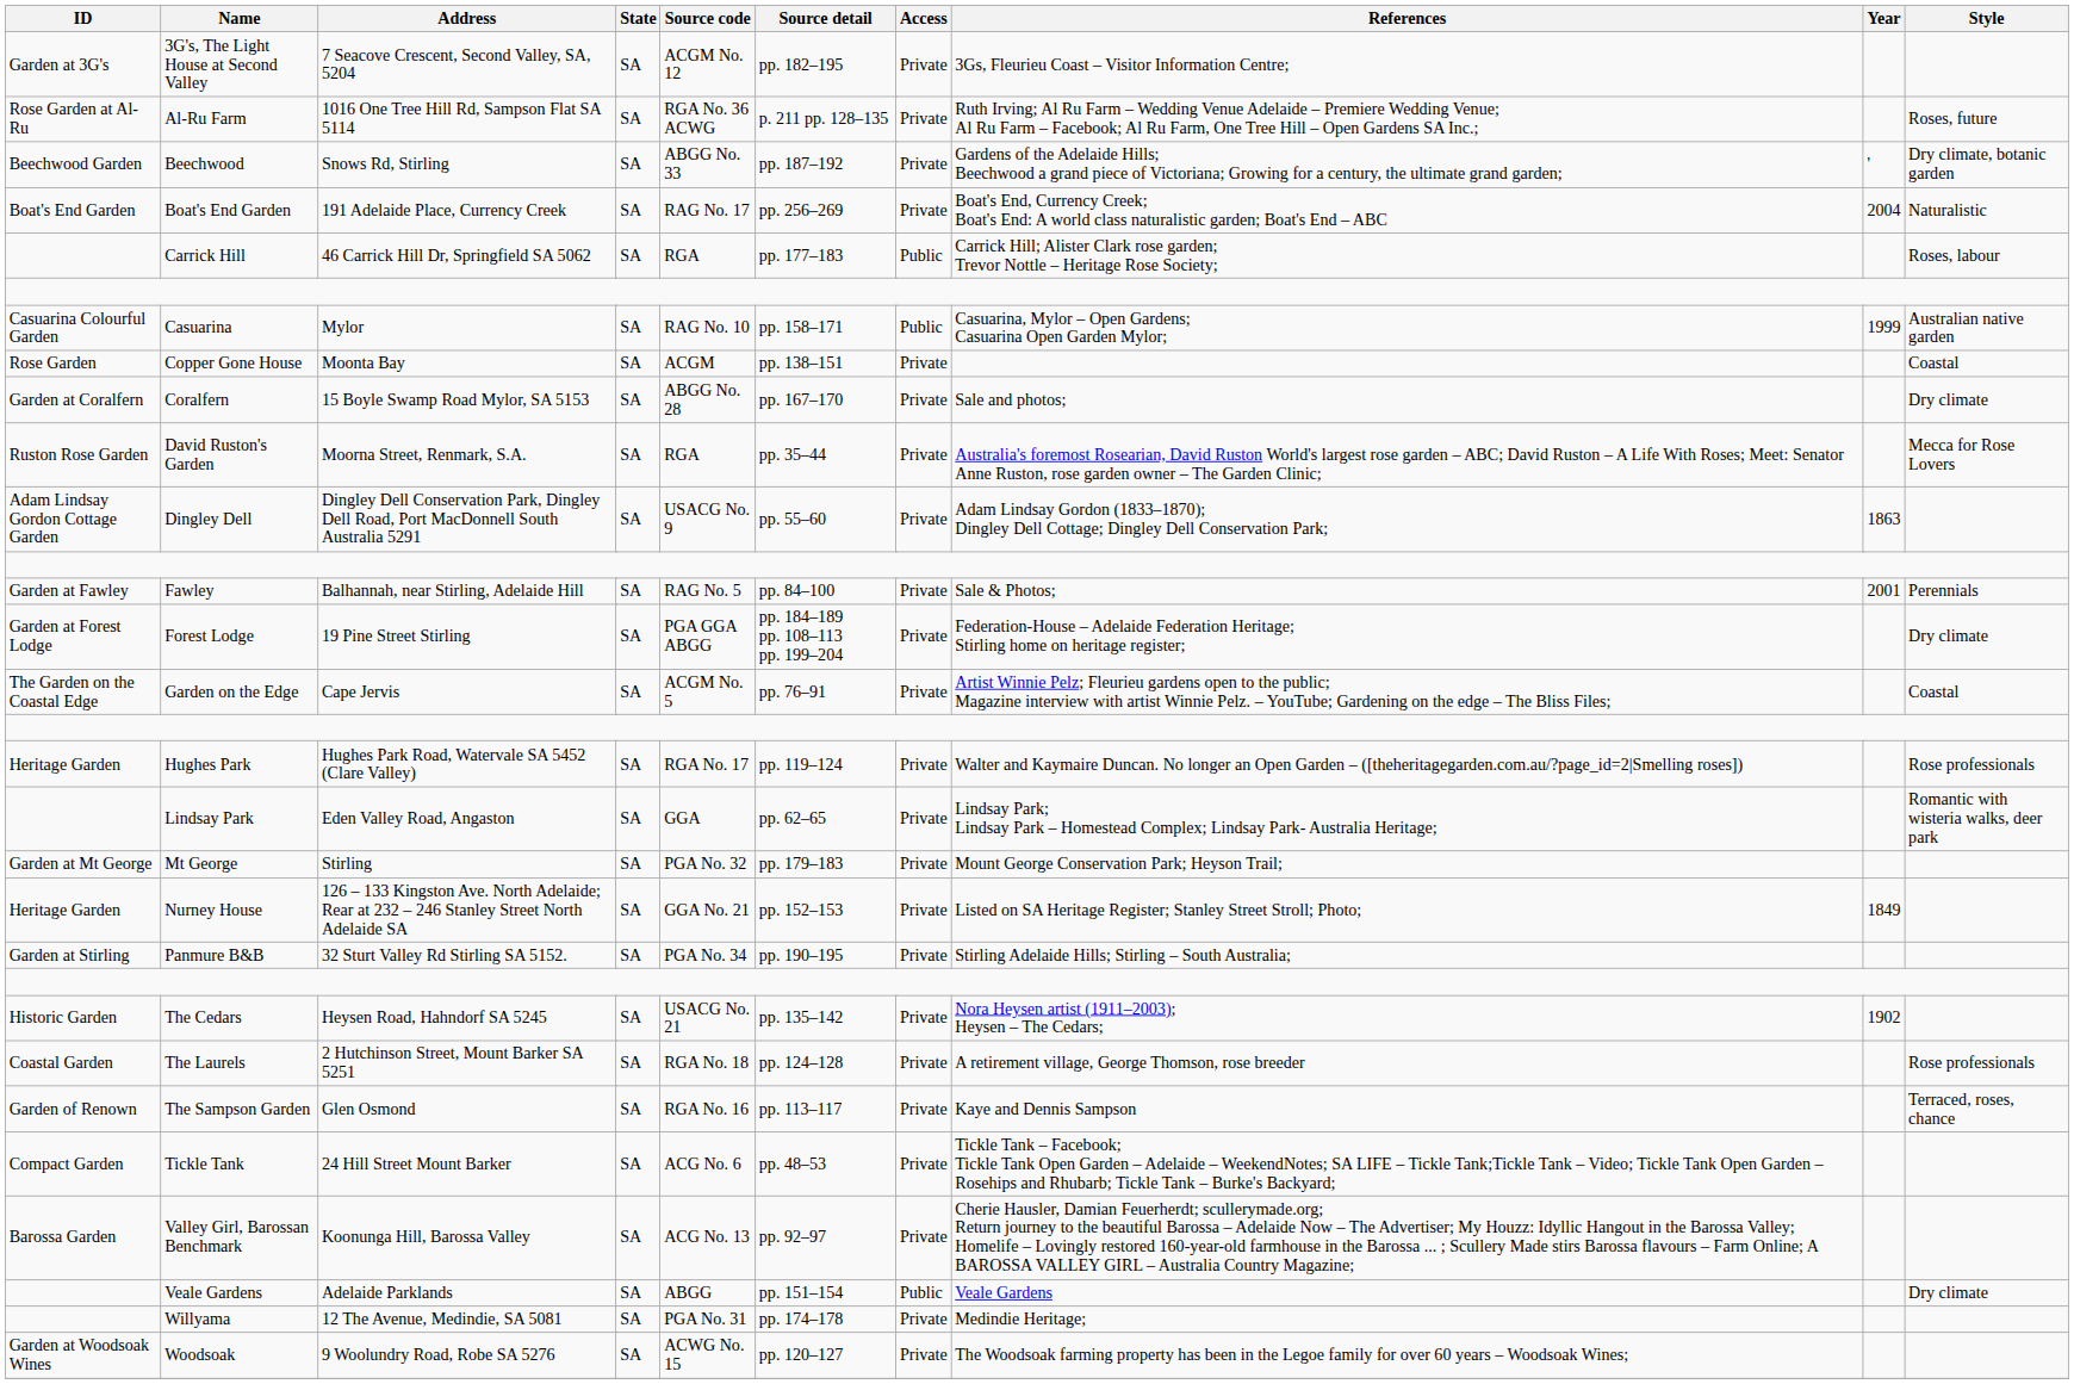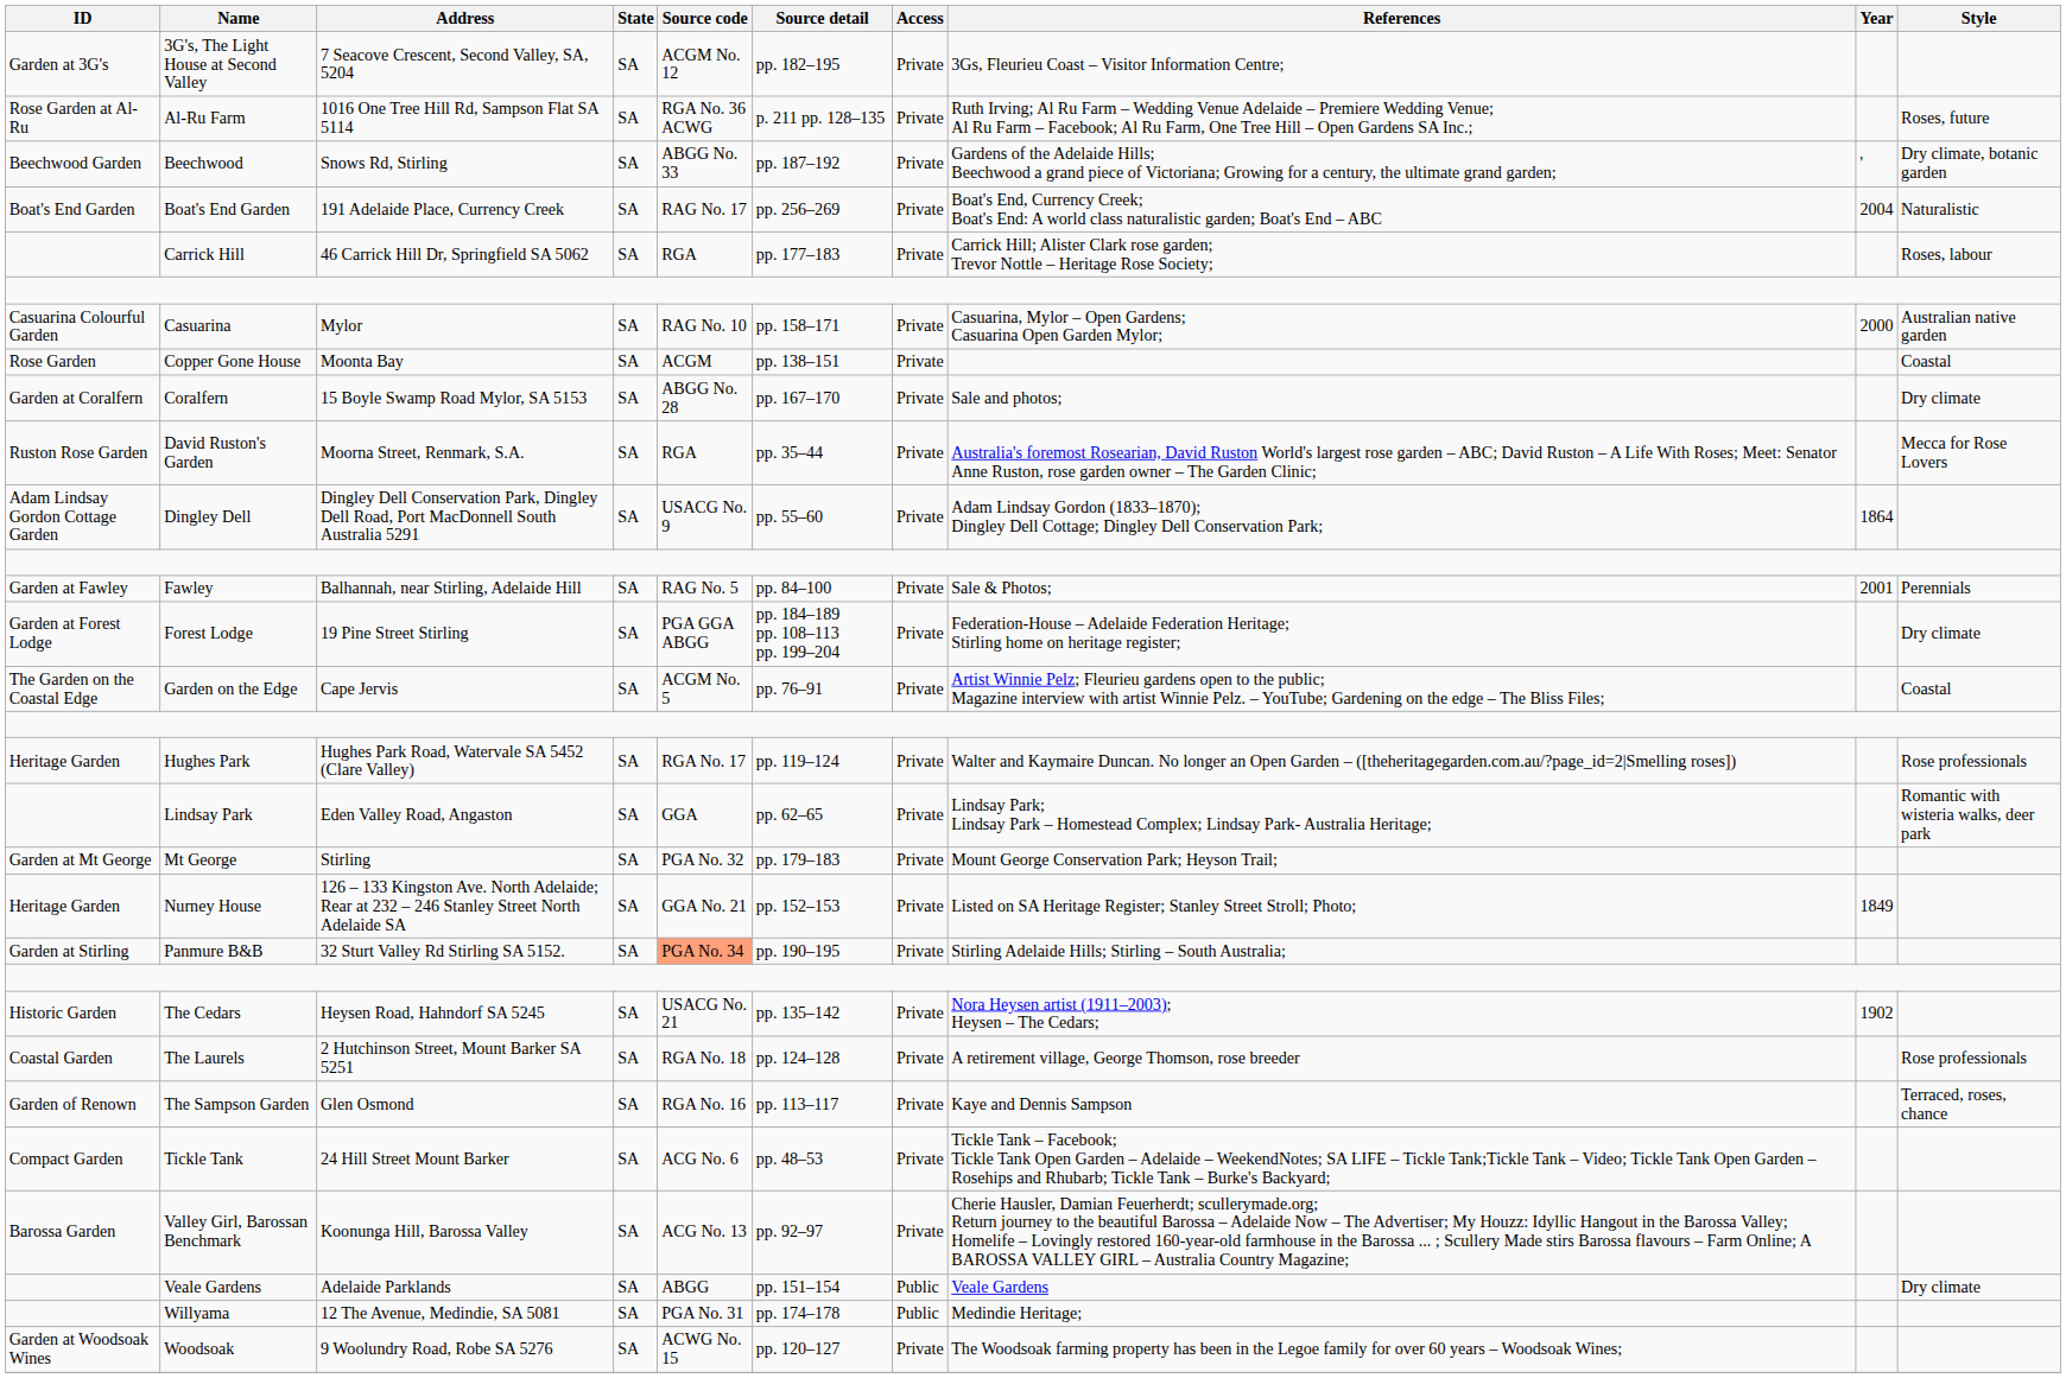 <table class="wikitable">
 <tr>
 <th colspan="1">ID</th>
 <th colspan="2">Name</th>
 <th colspan="3">Address</th>
 <th colspan="1">State</th>
 <th colspan="1">Source code</th>
 <th colspan="2">Source detail</th>
 <th colspan="1">Access</th>
 <th colspan="5">References</th>
 <th colspan="1">Year</th>
 <th colspan="2">Style</th>
 </tr>
 <tr>
 <td colspan="1">Garden at 3G's</td>
 <td colspan="2">3G's, The Light House at Second Valley</td>
 <td colspan="3">7 Seacove Crescent, Second Valley, SA, 5204</td>
 <td colspan="1">SA</td>
 <td colspan="1">ACGM No. 12</td>
 <td colspan="2">pp. 182–195</td>
 <td colspan="1">Private</td>
 <td colspan="5">3Gs, Fleurieu Coast – Visitor Information Centre;<br></td>
 <td colspan="1"></td>
 <td colspan="2"></td>
 </tr>
 <tr>
 <td colspan="1">Rose Garden at Al-Ru</td>
 <td colspan="2">Al-Ru Farm</td>
 <td colspan="3">1016 One Tree Hill Rd, Sampson Flat SA 5114</td>
 <td colspan="1">SA</td>
 <td colspan="1">RGA No. 36	ACWG</td>
 <td colspan="2">p. 211	pp. 128–135</td>
 <td colspan="1">Private</td>
 <td colspan="5">Ruth Irving; Al Ru Farm – Wedding Venue Adelaide – Premiere Wedding Venue;<br>Al Ru Farm – Facebook; Al Ru Farm, One Tree Hill – Open Gardens SA Inc.;</td>
 <td colspan="1"></td>
 <td colspan="2">Roses, future</td>
 </tr>
 <tr>
 <td colspan="1">Beechwood Garden</td>
 <td colspan="2">Beechwood</td>
 <td colspan="3">Snows Rd, Stirling</td>
 <td colspan="1">SA</td>
 <td colspan="1">ABGG No. 33</td>
 <td colspan="2">pp. 187–192</td>
 <td colspan="1">Private</td>
 <td colspan="5">Gardens of the Adelaide Hills;<br>Beechwood a grand piece of Victoriana; Growing for a century, the ultimate grand garden; </td>
 <td colspan="1">'</td>
 <td colspan="2">Dry climate, botanic garden</td>
 </tr>
 <tr>
 <td colspan="1">Boat's End Garden</td>
 <td colspan="2">Boat's End Garden</td>
 <td colspan="3">191 Adelaide Place, Currency Creek</td>
 <td colspan="1">SA</td>
 <td colspan="1">RAG No. 17</td>
 <td colspan="2">pp. 256–269</td>
 <td colspan="1">Private</td>
 <td colspan="5">Boat's End, Currency Creek;<br>Boat's End: A world class naturalistic garden;  Boat's End – ABC</td>
 <td colspan="1">2004</td>
 <td colspan="2">Naturalistic</td>
 </tr>
 <tr>
 <td colspan="1"><br></td>
 <td colspan="2">Carrick Hill</td>
 <td colspan="3">46 Carrick Hill Dr, Springfield SA 5062</td>
 <td colspan="1">SA</td>
 <td colspan="1">RGA</td>
 <td colspan="2">pp. 177–183</td>
-<td colspan="1">Public</td>
+<td colspan="1">Private</td>
 <td colspan="5">Carrick Hill; Alister Clark rose garden;<br>Trevor Nottle – Heritage Rose Society;</td>
 <td colspan="1"></td>
 <td colspan="2">Roses, labour</td>
 </tr>
 <tr>
 <td colspan="19"><br></td>
 </tr>
 <tr>
 <td colspan="1">Casuarina Colourful Garden</td>
 <td colspan="2">Casuarina</td>
 <td colspan="3">Mylor</td>
 <td colspan="1">SA</td>
 <td colspan="1">RAG No. 10</td>
 <td colspan="2">pp. 158–171</td>
-<td colspan="1">Public</td>
+<td colspan="1">Private</td>
 <td colspan="5">Casuarina, Mylor – Open Gardens;<br>Casuarina Open Garden Mylor; </td>
-<td colspan="1">1999</td>
+<td colspan="1">2000</td>
 <td colspan="2">Australian native garden</td>
 </tr>
 <tr>
 <td colspan="1">Rose Garden</td>
 <td colspan="2">Copper Gone House</td>
 <td colspan="3">Moonta Bay</td>
 <td colspan="1">SA</td>
 <td colspan="1">ACGM</td>
 <td colspan="2">pp. 138–151</td>
 <td colspan="1">Private</td>
 <td colspan="5"></td>
 <td colspan="1"></td>
 <td colspan="2">Coastal</td>
 </tr>
 <tr>
 <td colspan="1">Garden at Coralfern</td>
 <td colspan="2">Coralfern</td>
 <td colspan="3">15 Boyle Swamp Road Mylor, SA 5153</td>
 <td colspan="1">SA</td>
 <td colspan="1">ABGG No. 28</td>
 <td colspan="2">pp. 167–170</td>
 <td colspan="1">Private</td>
 <td colspan="5">Sale and photos;</td>
 <td colspan="1"></td>
 <td colspan="2">Dry climate</td>
 </tr>
 <tr>
 <td colspan="1">Ruston Rose Garden</td>
 <td colspan="2">David Ruston's Garden</td>
 <td colspan="3">Moorna Street, Renmark, S.A.</td>
 <td colspan="1">SA</td>
 <td colspan="1">RGA</td>
 <td colspan="2">pp. 35–44</td>
 <td colspan="1">Private</td>
 <td colspan="5"><br><a href='#'>Australia's foremost Rosearian, David Ruston</a> World's largest rose garden – ABC; David Ruston – A Life With Roses; Meet: Senator Anne Ruston, rose garden owner – The Garden Clinic;</td>
 <td colspan="1"></td>
 <td colspan="2">Mecca for Rose Lovers</td>
 </tr>
 <tr>
 <td colspan="1">Adam Lindsay Gordon Cottage Garden</td>
 <td colspan="2">Dingley Dell</td>
 <td colspan="3">Dingley Dell Conservation Park, Dingley Dell Road, Port MacDonnell South Australia 5291</td>
 <td colspan="1">SA</td>
 <td colspan="1">USACG No. 9</td>
 <td colspan="2">pp. 55–60</td>
 <td colspan="1">Private</td>
 <td colspan="5">Adam Lindsay Gordon (1833–1870);<br>Dingley Dell Cottage; Dingley Dell Conservation Park;</td>
-<td colspan="1">1863</td>
+<td colspan="1">1864</td>
 <td colspan="2"></td>
 </tr>
 <tr>
 <td colspan="19"><br></td>
 </tr>
 <tr>
 <td colspan="1">Garden at Fawley</td>
 <td colspan="2">Fawley</td>
 <td colspan="3">Balhannah, near Stirling, Adelaide Hill</td>
 <td colspan="1">SA</td>
 <td colspan="1">RAG No. 5</td>
 <td colspan="2">pp. 84–100</td>
 <td colspan="1">Private</td>
 <td colspan="5">Sale & Photos; </td>
 <td colspan="1">2001</td>
 <td colspan="2">Perennials</td>
 </tr>
 <tr>
 <td colspan="1">Garden at Forest Lodge</td>
 <td colspan="2">Forest Lodge</td>
 <td colspan="3">19 Pine Street Stirling</td>
 <td colspan="1">SA</td>
 <td colspan="1">PGA	GGA	ABGG</td>
 <td colspan="2">pp. 184–189	pp. 108–113 pp. 199–204</td>
 <td colspan="1">Private</td>
 <td colspan="5">Federation-House – Adelaide Federation Heritage;<br>Stirling home on heritage register; </td>
 <td colspan="1"></td>
 <td colspan="2">Dry climate</td>
 </tr>
 <tr>
 <td colspan="1">The Garden on the Coastal Edge</td>
 <td colspan="2">Garden on the Edge</td>
 <td colspan="3">Cape Jervis</td>
 <td colspan="1">SA</td>
 <td colspan="1">ACGM No. 5</td>
 <td colspan="2">pp. 76–91</td>
 <td colspan="1">Private</td>
 <td colspan="5"><a href='#'>Artist Winnie Pelz</a>; Fleurieu gardens open to the public;<br>Magazine interview with artist Winnie Pelz. – YouTube; Gardening on the edge – The Bliss Files;</td>
 <td colspan="1"></td>
 <td colspan="2">Coastal</td>
 </tr>
 <tr>
 <td colspan="19"><br></td>
 </tr>
 <tr>
 <td colspan="1">Heritage Garden</td>
 <td colspan="2">Hughes Park</td>
 <td colspan="3">Hughes Park Road, Watervale SA 5452 (Clare Valley)</td>
 <td colspan="1">SA</td>
 <td colspan="1">RGA No. 17</td>
 <td colspan="2">pp. 119–124</td>
 <td colspan="1">Private</td>
 <td colspan="5">Walter and Kaymaire Duncan. No longer an Open Garden – ([theheritagegarden.com.au/?page_id=2|Smelling roses])</td>
 <td colspan="1"></td>
 <td colspan="2">Rose professionals</td>
 </tr>
 <tr>
 <td colspan="1"><br></td>
 <td colspan="2">Lindsay Park</td>
 <td colspan="3">Eden Valley Road, Angaston</td>
 <td colspan="1">SA</td>
 <td colspan="1">GGA</td>
 <td colspan="2">pp. 62–65</td>
 <td colspan="1">Private</td>
 <td colspan="5">Lindsay Park;<br>Lindsay Park – Homestead Complex;  Lindsay Park- Australia Heritage;  </td>
 <td colspan="1"></td>
 <td colspan="2">Romantic with wisteria walks, deer park</td>
 </tr>
 <tr>
 <td colspan="1">Garden at Mt George</td>
 <td colspan="2">Mt George</td>
 <td colspan="3">Stirling</td>
 <td colspan="1">SA</td>
 <td colspan="1">PGA No. 32</td>
 <td colspan="2">pp. 179–183</td>
 <td colspan="1">Private</td>
 <td colspan="5">Mount George Conservation Park; Heyson Trail;</td>
 <td colspan="1"></td>
 <td colspan="2"></td>
 </tr>
 <tr>
 <td colspan="1">Heritage Garden</td>
 <td colspan="2">Nurney House</td>
 <td colspan="3">126 – 133 Kingston Ave. North Adelaide; Rear at 232 – 246 Stanley Street North Adelaide SA</td>
 <td colspan="1">SA</td>
 <td colspan="1">GGA No. 21</td>
 <td colspan="2">pp. 152–153</td>
 <td colspan="1">Private</td>
 <td colspan="5">Listed on SA Heritage Register; Stanley Street Stroll; Photo;</td>
 <td colspan="1">1849</td>
 <td colspan="2"></td>
 </tr>
 <tr>
 <td colspan="1">Garden at Stirling</td>
 <td colspan="2">Panmure B&B</td>
 <td colspan="3">32 Sturt Valley Rd Stirling SA 5152.</td>
 <td colspan="1">SA</td>
-<td colspan="1">PGA No. 34</td>
+<td colspan="1" style="background: lightsalmon;">PGA No. 34</td>
 <td colspan="2">pp. 190–195</td>
 <td colspan="1">Private</td>
 <td colspan="5">Stirling Adelaide Hills; Stirling – South Australia;</td>
 <td colspan="1"></td>
 <td colspan="2"></td>
 </tr>
 <tr>
 <td colspan="19"><br></td>
 </tr>
 <tr>
 <td colspan="1">Historic Garden</td>
 <td colspan="2">The Cedars</td>
 <td colspan="3">Heysen Road, Hahndorf SA 5245</td>
 <td colspan="1">SA</td>
 <td colspan="1">USACG No. 21</td>
 <td colspan="2">pp. 135–142</td>
 <td colspan="1">Private</td>
 <td colspan="5"><a href='#'>Nora Heysen artist (1911–2003)</a>;<br>Heysen – The Cedars; </td>
 <td colspan="1">1902</td>
 <td colspan="2"></td>
 </tr>
 <tr>
 <td colspan="1">Coastal Garden</td>
 <td colspan="2">The Laurels</td>
 <td colspan="3">2 Hutchinson Street, Mount Barker SA 5251</td>
 <td colspan="1">SA</td>
 <td colspan="1">RGA No. 18</td>
 <td colspan="2">pp. 124–128</td>
 <td colspan="1">Private</td>
 <td colspan="5">A retirement village, George Thomson, rose breeder</td>
 <td colspan="1"></td>
 <td colspan="2">Rose professionals</td>
 </tr>
 <tr>
 <td colspan="1">Garden of Renown</td>
 <td colspan="2">The Sampson Garden</td>
 <td colspan="3">Glen Osmond</td>
 <td colspan="1">SA</td>
 <td colspan="1">RGA No. 16</td>
 <td colspan="2">pp. 113–117</td>
 <td colspan="1">Private</td>
 <td colspan="5">Kaye and Dennis Sampson</td>
 <td colspan="1"></td>
 <td colspan="2">Terraced, roses, chance</td>
 </tr>
 <tr>
 <td colspan="1">Compact Garden</td>
 <td colspan="2">Tickle Tank</td>
 <td colspan="3">24 Hill Street Mount Barker</td>
 <td colspan="1">SA</td>
 <td colspan="1">ACG No. 6</td>
 <td colspan="2">pp. 48–53</td>
 <td colspan="1">Private</td>
 <td colspan="5">Tickle Tank – Facebook;<br>Tickle Tank Open Garden – Adelaide – WeekendNotes; SA LIFE – Tickle Tank;Tickle Tank – Video; Tickle Tank Open Garden – Rosehips and Rhubarb; Tickle Tank – Burke's Backyard;</td>
 <td colspan="1"></td>
 <td colspan="2"></td>
 </tr>
 <tr>
 <td colspan="1">Barossa Garden</td>
 <td colspan="2">Valley Girl, Barossan Benchmark</td>
 <td colspan="3">Koonunga Hill, Barossa Valley</td>
 <td colspan="1">SA</td>
 <td colspan="1">ACG No. 13</td>
 <td colspan="2">pp. 92–97</td>
 <td colspan="1">Private</td>
 <td colspan="5">Cherie Hausler, Damian Feuerherdt; scullerymade.org;<br>Return journey to the beautiful Barossa – Adelaide Now – The Advertiser; My Houzz: Idyllic Hangout in the Barossa Valley; Homelife – Lovingly restored 160-year-old farmhouse in the Barossa ... ; Scullery Made stirs Barossa flavours – Farm Online; A BAROSSA VALLEY GIRL – Australia Country Magazine;</td>
 <td colspan="1"></td>
 <td colspan="2"></td>
 </tr>
 <tr>
 <td colspan="1"><br></td>
 <td colspan="2">Veale Gardens</td>
 <td colspan="3">Adelaide Parklands</td>
 <td colspan="1">SA</td>
 <td colspan="1">ABGG</td>
 <td colspan="2">pp. 151–154</td>
 <td colspan="1">Public</td>
 <td colspan="5"><a href='#'>Veale Gardens</a></td>
 <td colspan="1"></td>
 <td colspan="2">Dry climate</td>
 </tr>
 <tr>
 <td colspan="1"><br></td>
 <td colspan="2">Willyama</td>
 <td colspan="3">12 The Avenue, Medindie, SA 5081</td>
 <td colspan="1">SA</td>
 <td colspan="1">PGA No. 31</td>
 <td colspan="2">pp. 174–178</td>
-<td colspan="1">Private</td>
+<td colspan="1">Public</td>
 <td colspan="5">Medindie Heritage;  </td>
 <td colspan="1"></td>
 <td colspan="2"></td>
 </tr>
 <tr>
 <td colspan="1">Garden at Woodsoak Wines</td>
 <td colspan="2">Woodsoak</td>
 <td colspan="3">9 Woolundry Road, Robe SA 5276</td>
 <td colspan="1">SA</td>
 <td colspan="1">ACWG No. 15</td>
 <td colspan="2">pp. 120–127</td>
 <td colspan="1">Private</td>
 <td colspan="5">The Woodsoak farming property has been in the Legoe family for over 60 years – Woodsoak Wines;</td>
 <td colspan="1"></td>
 <td colspan="2"></td>
 </tr>
 <tr>
 </tr>
 </table>
